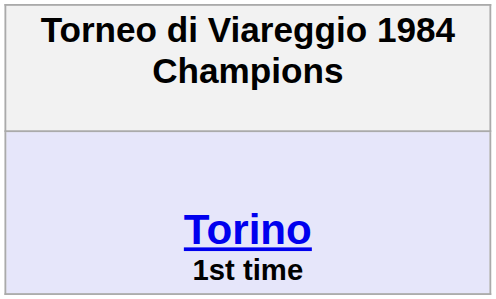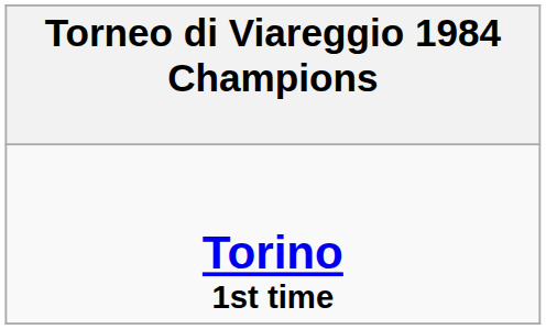 <table class="wikitable" style="margin: 0 auto; width: 30%;">
 <tr>
 <th><big>Torneo di Viareggio 1984 Champions</big><br><br></th>
 </tr>
 <tr>
-<td align=center style="background: lavender;"><br><br><big><big><strong><a href='#'>Torino</a></strong><br></big></big><strong>1st time</strong></td>
+<td align=center><br><br><big><big><strong><a href='#'>Torino</a></strong><br></big></big><strong>1st time</strong></td>
 </tr>
 </table>
